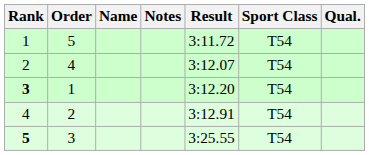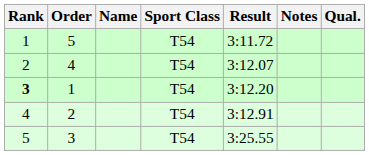 <table class="wikitable sortable" style="text-align:center">
 <tr>
 <th>Rank</th>
 <th>Order</th>
 <th>Name</th>
+<th>Sport Class</th>
+<th>Result</th>
 <th>Notes</th>
-<th>Result</th>
-<th>Sport Class</th>
 <th>Qual.</th>
 </tr>
 <tr bgcolor=ccffcc>
 <td>1</td>
 <td>5</td>
 <td align="left"></td>
+<td>T54</td>
+<td>3:11.72</td>
 <td><strong> </strong></td>
-<td>3:11.72</td>
-<td>T54</td>
 <td></td>
 </tr>
 <tr bgcolor=ccffcc>
 <td>2</td>
 <td>4</td>
 <td align="left"></td>
+<td>T54</td>
+<td>3:12.07</td>
 <td></td>
-<td>3:12.07</td>
-<td>T54</td>
 <td></td>
 </tr>
 <tr bgcolor=ccffcc>
 <td><strong>3</strong></td>
 <td>1</td>
 <td align="left"></td>
+<td>T54</td>
+<td>3:12.20</td>
 <td></td>
-<td>3:12.20</td>
-<td>T54</td>
 <td></td>
 </tr>
 <tr bgcolor=ddffdd>
 <td>4</td>
 <td>2</td>
 <td align="left"></td>
+<td>T54</td>
+<td>3:12.91</td>
 <td></td>
-<td>3:12.91</td>
-<td>T54</td>
 <td></td>
 </tr>
 <tr bgcolor=ddffdd>
-<td><strong>5</strong></td>
+<td>5</td>
 <td>3</td>
 <td align="left"></td>
+<td>T54</td>
+<td>3:25.55</td>
 <td></td>
-<td>3:25.55</td>
-<td>T54</td>
 <td></td>
 </tr>
 </table>
